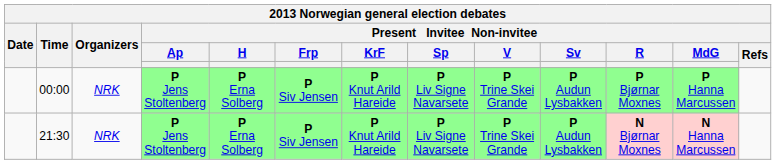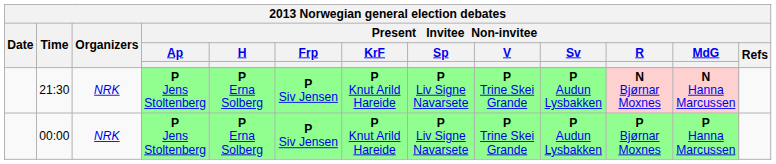 <table class="wikitable" style="font-size:85%; line-height:15px; text-align:center;">
 <tr>
 <th colspan="13">2013 Norwegian general election debates</th>
 </tr>
 <tr>
 <th rowspan="3">Date</th>
 <th rowspan="3">Time</th>
 <th rowspan="3">Organizers</th>
 <th colspan="10"> Present    Invitee  Non-invitee </th>
 </tr>
 <tr>
 <th scope="col" style="width:5em;"><a href='#'>Ap</a></th>
 <th scope="col" style="width:5em;"><a href='#'>H</a></th>
 <th scope="col" style="width:5em;"><a href='#'>Frp</a></th>
 <th scope="col" style="width:5em;"><a href='#'>KrF</a></th>
 <th scope="col" style="width:5em;"><a href='#'>Sp</a></th>
 <th scope="col" style="width:5em;"><a href='#'>V</a></th>
 <th scope="col" style="width:5em;"><a href='#'>Sv</a></th>
 <th scope="col" style="width:5em;"><a href='#'>R</a></th>
 <th scope="col" style="width:5em;"><a href='#'>MdG</a></th>
 <th rowspan="2">Refs</th>
 </tr>
 <tr>
 <th style="background:"></th>
 <th style="background:"></th>
 <th style="background:"></th>
 <th style="background:"></th>
 <th style="background:"></th>
 <th style="background:"></th>
 <th style="background:"></th>
 <th style="background:"></th>
 <th style="background:"></th>
 </tr>
 <tr>
 <td></td>
+<td>21:30</td>
+<td><em><a href='#'>NRK</a></em></td>
+<td style="background:#90FF90"><strong>P</strong><br><a href='#'>Jens Stoltenberg</a></td>
+<td style="background:#90FF90"><strong>P</strong><br><a href='#'>Erna Solberg</a></td>
+<td style="background:#90FF90"><strong>P</strong><br><a href='#'>Siv Jensen</a></td>
+<td style="background:#90FF90"><strong>P</strong><br><a href='#'>Knut Arild Hareide</a></td>
+<td style="background:#90FF90"><strong>P</strong><br><a href='#'>Liv Signe Navarsete</a></td>
+<td style="background:#90FF90"><strong>P</strong><br><a href='#'>Trine Skei Grande</a></td>
+<td style="background:#90FF90"><strong>P</strong><br><a href='#'>Audun Lysbakken</a></td>
+<td style="background:#FFD0D0"><strong>N</strong><br><a href='#'>Bjørnar Moxnes</a></td>
+<td style="background:#FFD0D0"><strong>N</strong><br><a href='#'>Hanna Marcussen</a></td>
+<td></td>
+</tr>
+<tr>
+<td></td>
 <td>00:00</td>
 <td><em><a href='#'>NRK</a></em></td>
 <td style="background:#90FF90"><strong>P</strong><br><a href='#'>Jens Stoltenberg</a></td>
 <td style="background:#90FF90"><strong>P</strong><br><a href='#'>Erna Solberg</a></td>
 <td style="background:#90FF90"><strong>P</strong><br><a href='#'>Siv Jensen</a></td>
 <td style="background:#90FF90"><strong>P</strong><br><a href='#'>Knut Arild Hareide</a></td>
 <td style="background:#90FF90"><strong>P</strong><br><a href='#'>Liv Signe Navarsete</a></td>
 <td style="background:#90FF90"><strong>P</strong><br><a href='#'>Trine Skei Grande</a></td>
 <td style="background:#90FF90"><strong>P</strong><br><a href='#'>Audun Lysbakken</a></td>
 <td style="background:#90FF90"><strong>P</strong><br><a href='#'>Bjørnar Moxnes</a></td>
 <td style="background:#90FF90"><strong>P</strong><br><a href='#'>Hanna Marcussen</a></td>
 <td></td>
 </tr>
-<tr>
-<td></td>
-<td>21:30</td>
-<td><em><a href='#'>NRK</a></em></td>
-<td style="background:#90FF90"><strong>P</strong><br><a href='#'>Jens Stoltenberg</a></td>
-<td style="background:#90FF90"><strong>P</strong><br><a href='#'>Erna Solberg</a></td>
-<td style="background:#90FF90"><strong>P</strong><br><a href='#'>Siv Jensen</a></td>
-<td style="background:#90FF90"><strong>P</strong><br><a href='#'>Knut Arild Hareide</a></td>
-<td style="background:#90FF90"><strong>P</strong><br><a href='#'>Liv Signe Navarsete</a></td>
-<td style="background:#90FF90"><strong>P</strong><br><a href='#'>Trine Skei Grande</a></td>
-<td style="background:#90FF90"><strong>P</strong><br><a href='#'>Audun Lysbakken</a></td>
-<td style="background:#FFD0D0"><strong>N</strong><br><a href='#'>Bjørnar Moxnes</a></td>
-<td style="background:#FFD0D0"><strong>N</strong><br><a href='#'>Hanna Marcussen</a></td>
-<td></td>
-</tr>
 </table>
